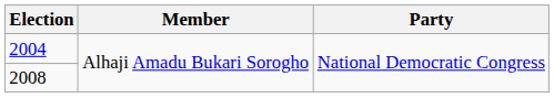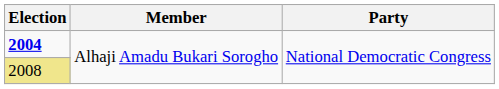 <table class="wikitable">
 <tr>
 <th>Election</th>
 <th>Member</th>
 <th>Party</th>
 </tr>
 <tr>
-<td><a href='#'>2004</a></td>
+<td><strong><a href='#'>2004</a></strong></td>
 <td rowspan="2">Alhaji <a href='#'>Amadu Bukari Sorogho</a></td>
 <td rowspan="2"><a href='#'>National Democratic Congress</a></td>
 </tr>
 <tr>
-<td>2008</td>
+<td style="background: khaki;">2008</td>
 </tr>
 </table>
